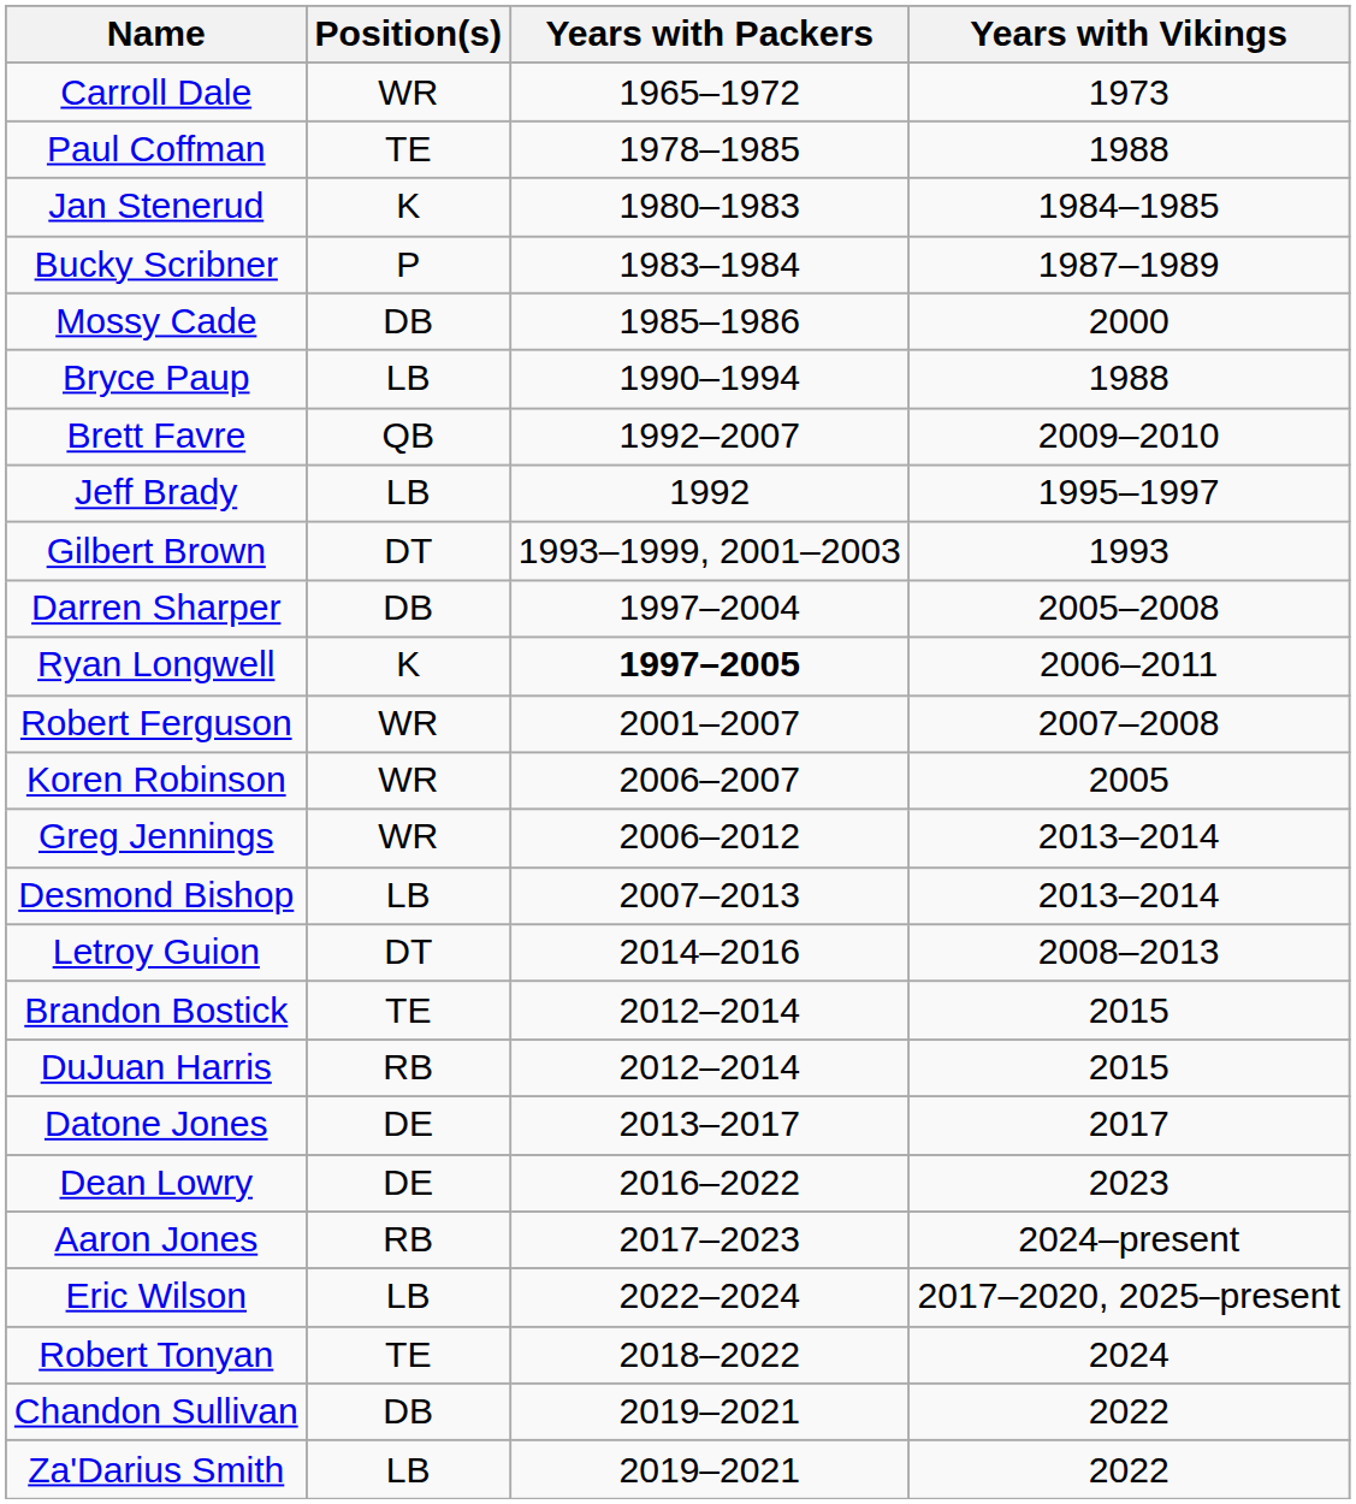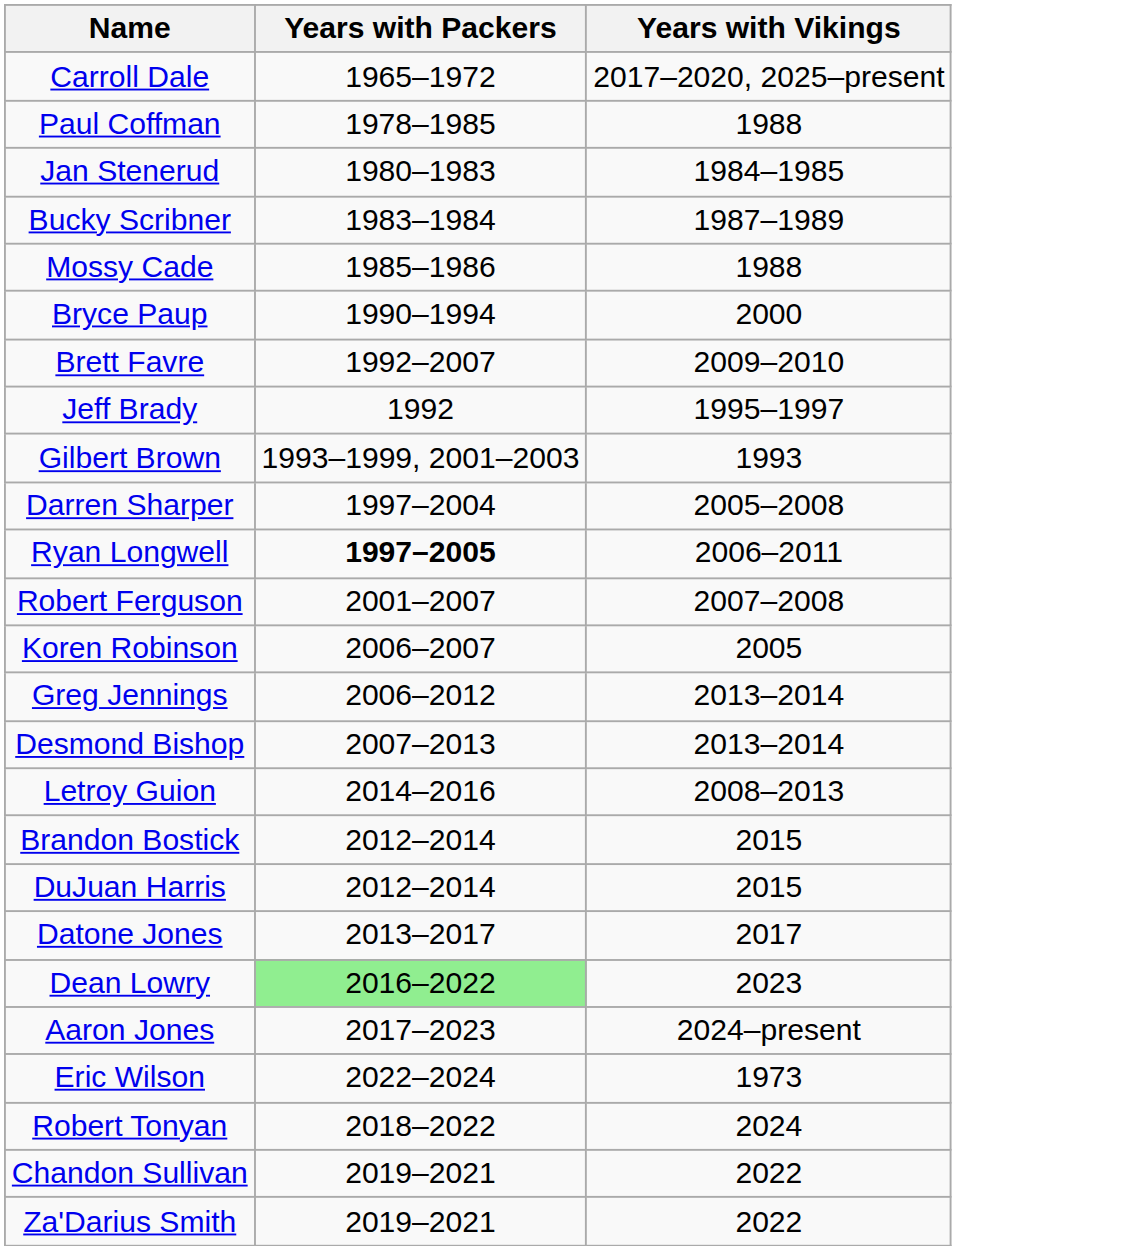 <table class="wikitable" style="text-align:center">
 <tr>
 <th>Name</th>
-<th>Position(s)</th>
 <th>Years with Packers</th>
 <th>Years with Vikings</th>
 </tr>
 <tr>
 <td><a href='#'>Carroll Dale</a></td>
-<td>WR</td>
 <td>1965–1972</td>
-<td>1973</td>
+<td>2017–2020, 2025–present</td>
 </tr>
 <tr>
 <td><a href='#'>Paul Coffman</a></td>
-<td>TE</td>
 <td>1978–1985</td>
 <td>1988</td>
 </tr>
 <tr>
 <td><a href='#'>Jan Stenerud</a></td>
-<td>K</td>
 <td>1980–1983</td>
 <td>1984–1985</td>
 </tr>
 <tr>
 <td><a href='#'>Bucky Scribner</a></td>
-<td>P</td>
 <td>1983–1984</td>
 <td>1987–1989</td>
 </tr>
 <tr>
 <td><a href='#'>Mossy Cade</a></td>
-<td>DB</td>
 <td>1985–1986</td>
+<td>1988</td>
+</tr>
+<tr>
+<td><a href='#'>Bryce Paup</a></td>
+<td>1990–1994</td>
 <td>2000</td>
 </tr>
 <tr>
-<td><a href='#'>Bryce Paup</a></td>
-<td>LB</td>
-<td>1990–1994</td>
-<td>1988</td>
-</tr>
-<tr>
 <td><a href='#'>Brett Favre</a></td>
-<td>QB</td>
 <td>1992–2007</td>
 <td>2009–2010</td>
 </tr>
 <tr>
 <td><a href='#'>Jeff Brady</a></td>
-<td>LB</td>
 <td>1992</td>
 <td>1995–1997</td>
 </tr>
 <tr>
 <td><a href='#'>Gilbert Brown</a></td>
-<td>DT</td>
 <td>1993–1999, 2001–2003</td>
 <td>1993</td>
 </tr>
 <tr>
 <td><a href='#'>Darren Sharper</a></td>
-<td>DB</td>
 <td>1997–2004</td>
 <td>2005–2008</td>
 </tr>
 <tr>
 <td><a href='#'>Ryan Longwell</a></td>
-<td>K</td>
 <td><strong>1997–2005</strong></td>
 <td>2006–2011</td>
 </tr>
 <tr>
 <td><a href='#'>Robert Ferguson</a></td>
-<td>WR</td>
 <td>2001–2007</td>
 <td>2007–2008</td>
 </tr>
 <tr>
 <td><a href='#'>Koren Robinson</a></td>
-<td>WR</td>
 <td>2006–2007</td>
 <td>2005</td>
 </tr>
 <tr>
 <td><a href='#'>Greg Jennings</a></td>
-<td>WR</td>
 <td>2006–2012</td>
 <td>2013–2014</td>
 </tr>
 <tr>
 <td><a href='#'>Desmond Bishop</a></td>
-<td>LB</td>
 <td>2007–2013</td>
 <td>2013–2014</td>
 </tr>
 <tr>
 <td><a href='#'>Letroy Guion</a></td>
-<td>DT</td>
 <td>2014–2016</td>
 <td>2008–2013</td>
 </tr>
 <tr>
 <td><a href='#'>Brandon Bostick</a></td>
-<td>TE</td>
 <td>2012–2014</td>
 <td>2015</td>
 </tr>
 <tr>
 <td><a href='#'>DuJuan Harris</a></td>
-<td>RB</td>
 <td>2012–2014</td>
 <td>2015</td>
 </tr>
 <tr>
 <td><a href='#'>Datone Jones</a></td>
-<td>DE</td>
 <td>2013–2017</td>
 <td>2017</td>
 </tr>
 <tr>
 <td><a href='#'>Dean Lowry</a></td>
-<td>DE</td>
-<td>2016–2022</td>
+<td style="background: lightgreen;">2016–2022</td>
 <td>2023</td>
 </tr>
 <tr>
 <td><a href='#'>Aaron Jones</a></td>
-<td>RB</td>
 <td>2017–2023</td>
 <td>2024–present</td>
 </tr>
 <tr>
 <td><a href='#'>Eric Wilson</a></td>
-<td>LB</td>
 <td>2022–2024</td>
-<td>2017–2020, 2025–present</td>
+<td>1973</td>
 </tr>
 <tr>
 <td><a href='#'>Robert Tonyan</a></td>
-<td>TE</td>
 <td>2018–2022</td>
 <td>2024</td>
 </tr>
 <tr>
 <td><a href='#'>Chandon Sullivan</a></td>
-<td>DB</td>
 <td>2019–2021</td>
 <td>2022</td>
 </tr>
 <tr>
 <td><a href='#'>Za'Darius Smith</a></td>
-<td>LB</td>
 <td>2019–2021</td>
 <td>2022</td>
 </tr>
 </table>
